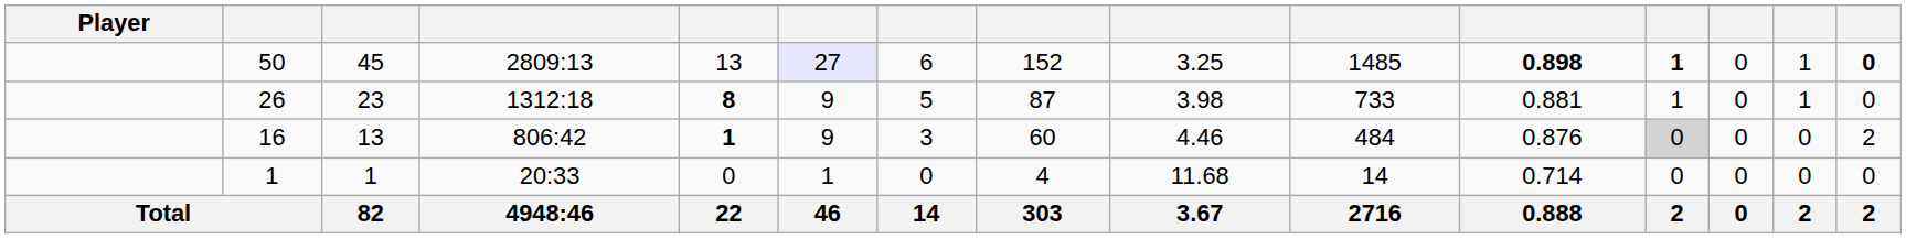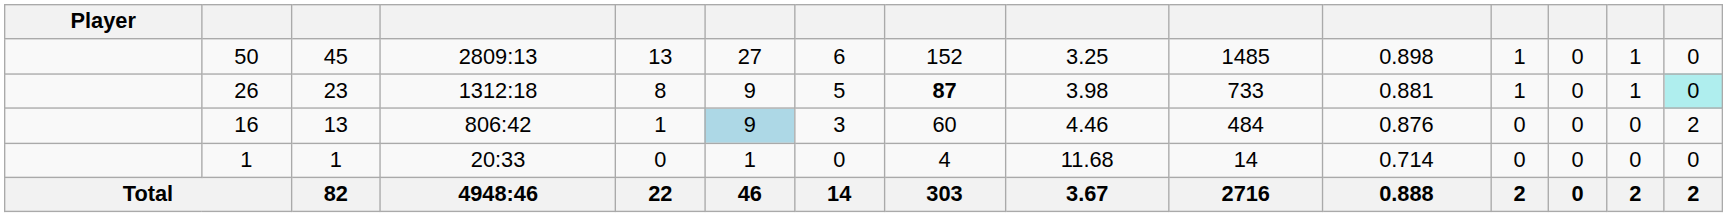 <table class="wikitable sortable" style="width:100%; text-align:center;">
 <tr>
 <th>Player</th>
 <th></th>
 <th></th>
 <th></th>
 <th></th>
 <th></th>
 <th></th>
 <th></th>
 <th></th>
 <th></th>
 <th></th>
 <th></th>
 <th></th>
 <th></th>
 <th></th>
 </tr>
 <tr>
 <td></td>
 <td>50</td>
 <td>45</td>
 <td>2809:13</td>
 <td>13</td>
-<td style="background: lavender;">27</td>
+<td>27</td>
 <td>6</td>
 <td>152</td>
 <td>3.25</td>
 <td>1485</td>
-<td><strong>0.898</strong></td>
-<td><strong>1</strong></td>
-<td>0</td>
-<td>1</td>
-<td><strong>0</strong></td>
-</tr>
-<tr>
-<td></td>
-<td>26</td>
-<td>23</td>
-<td>1312:18</td>
-<td><strong>8</strong></td>
-<td>9</td>
-<td>5</td>
-<td>87</td>
-<td>3.98</td>
-<td>733</td>
-<td>0.881</td>
+<td>0.898</td>
 <td>1</td>
 <td>0</td>
 <td>1</td>
 <td>0</td>
 </tr>
 <tr>
 <td></td>
+<td>26</td>
+<td>23</td>
+<td>1312:18</td>
+<td>8</td>
+<td>9</td>
+<td>5</td>
+<td><strong>87</strong></td>
+<td>3.98</td>
+<td>733</td>
+<td>0.881</td>
+<td>1</td>
+<td>0</td>
+<td>1</td>
+<td style="background: paleturquoise;">0</td>
+</tr>
+<tr>
+<td></td>
 <td>16</td>
 <td>13</td>
 <td>806:42</td>
-<td><strong>1</strong></td>
-<td>9</td>
+<td>1</td>
+<td style="background: lightblue;">9</td>
 <td>3</td>
 <td>60</td>
 <td>4.46</td>
 <td>484</td>
 <td>0.876</td>
-<td style="background: lightgrey;">0</td>
+<td>0</td>
 <td>0</td>
 <td>0</td>
 <td>2</td>
 </tr>
 <tr>
 <td></td>
 <td>1</td>
 <td>1</td>
 <td>20:33</td>
 <td>0</td>
 <td>1</td>
 <td>0</td>
 <td>4</td>
 <td>11.68</td>
 <td>14</td>
 <td>0.714</td>
 <td>0</td>
 <td>0</td>
 <td>0</td>
 <td>0</td>
 </tr>
 <tr class="sortbottom">
 <th colspan=2>Total</th>
 <th>82</th>
 <th>4948:46</th>
 <th>22</th>
 <th>46</th>
 <th>14</th>
 <th>303</th>
 <th>3.67</th>
 <th>2716</th>
 <th>0.888</th>
 <th>2</th>
 <th>0</th>
 <th>2</th>
 <th>2</th>
 </tr>
 </table>
